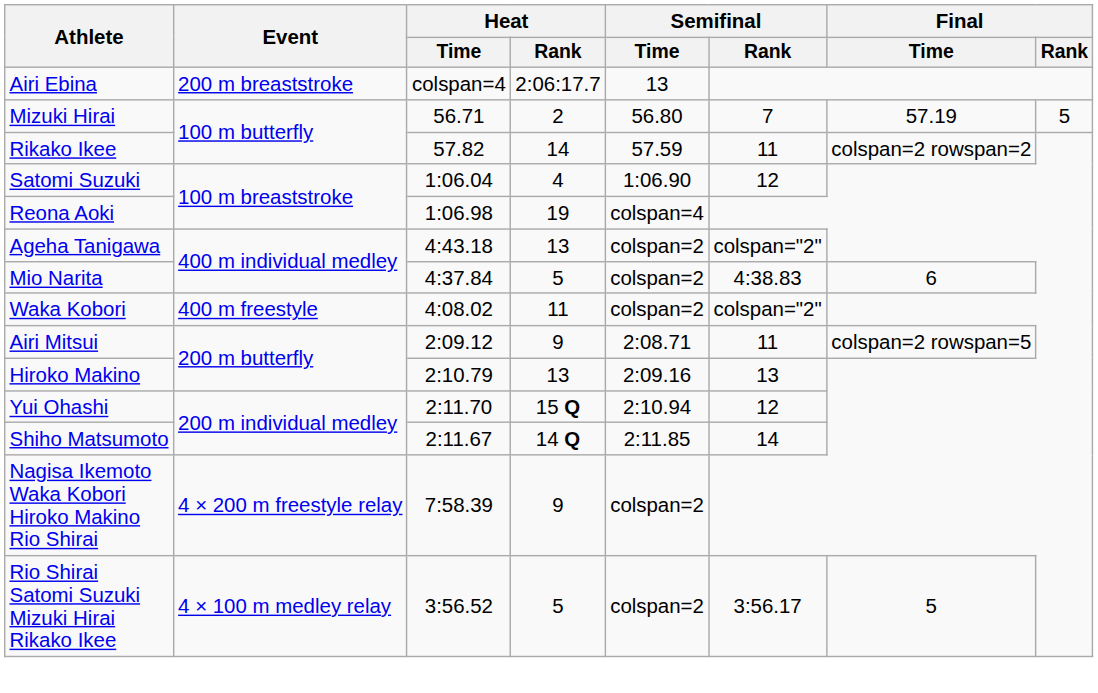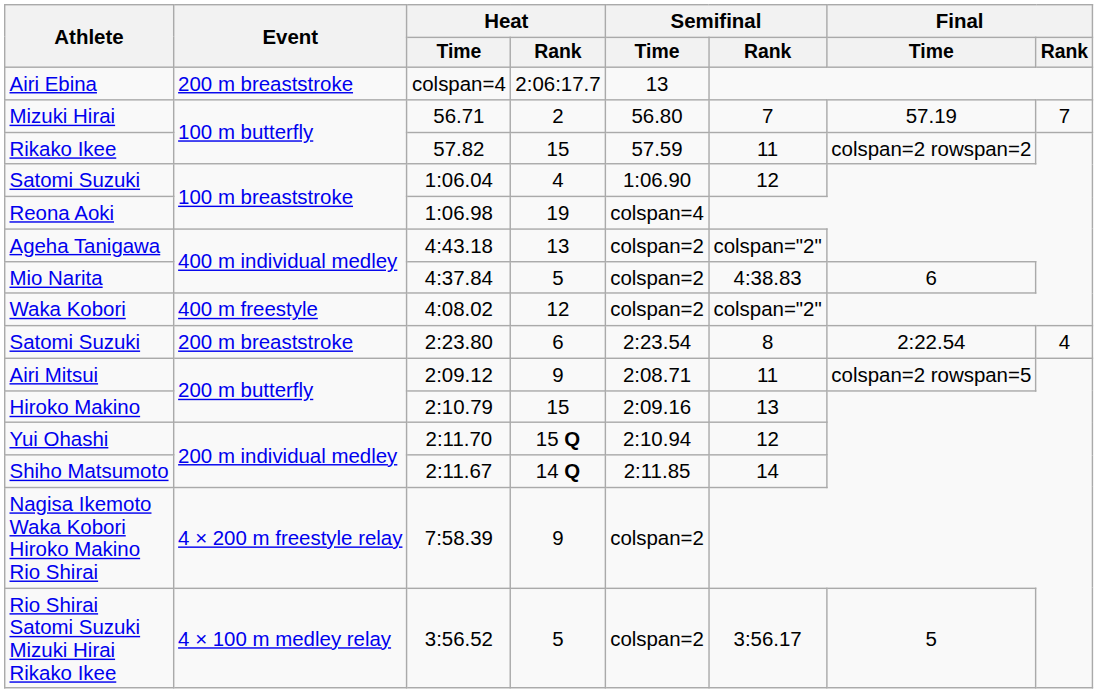 <table class=wikitable style="font-size:90%;">
 <tr>
 <th rowspan=2>Athlete</th>
 <th rowspan=2>Event</th>
 <th colspan=2>Heat</th>
 <th colspan=2>Semifinal</th>
 <th colspan=2>Final</th>
 </tr>
 <tr style="font-size:95%">
 <th>Time</th>
 <th>Rank</th>
 <th>Time</th>
 <th>Rank</th>
 <th>Time</th>
 <th>Rank</th>
 </tr>
 <tr align=center>
 <td align=left><a href='#'>Airi Ebina</a></td>
 <td align="left"><a href='#'>200 m breaststroke</a></td>
 <td>colspan=4 </td>
 <td>2:06:17.7</td>
 <td>13</td>
 </tr>
 <tr align=center>
 <td align=left><a href='#'>Mizuki Hirai</a></td>
 <td align=left rowspan=2><a href='#'>100 m butterfly</a></td>
 <td>56.71</td>
 <td>2</td>
 <td>56.80</td>
 <td>7</td>
 <td>57.19</td>
-<td>5</td>
+<td>7</td>
 </tr>
 <tr align=center>
 <td align=left><a href='#'>Rikako Ikee</a></td>
 <td>57.82</td>
-<td>14</td>
+<td>15</td>
 <td>57.59</td>
 <td>11</td>
 <td>colspan=2 rowspan=2 </td>
 </tr>
 <tr align=center>
 <td align=left><a href='#'>Satomi Suzuki</a></td>
 <td rowspan="2" align="left"><a href='#'>100 m breaststroke</a></td>
 <td>1:06.04</td>
 <td>4</td>
 <td>1:06.90</td>
 <td>12</td>
 </tr>
 <tr align=center>
 <td align="left"><a href='#'>Reona Aoki</a></td>
 <td>1:06.98</td>
 <td>19</td>
 <td>colspan=4 </td>
 </tr>
 <tr align="center">
 <td align="left"><a href='#'>Ageha Tanigawa</a></td>
 <td rowspan="2" align="left"><a href='#'>400 m individual medley</a></td>
 <td>4:43.18</td>
 <td>13</td>
 <td>colspan=2 </td>
 <td>colspan="2" </td>
 </tr>
 <tr align="center">
 <td align="left"><a href='#'>Mio Narita</a></td>
 <td>4:37.84</td>
 <td>5</td>
 <td>colspan=2 </td>
 <td>4:38.83</td>
 <td>6</td>
 </tr>
 <tr align="center">
 <td align="left"><a href='#'>Waka Kobori</a></td>
 <td align="left"><a href='#'>400 m freestyle</a></td>
 <td>4:08.02</td>
-<td>11</td>
+<td>12</td>
 <td>colspan=2 </td>
 <td>colspan="2" </td>
+</tr>
+<tr align="center">
+<td align="left"><a href='#'>Satomi Suzuki</a></td>
+<td align="left"><a href='#'>200 m breaststroke</a></td>
+<td>2:23.80</td>
+<td>6</td>
+<td>2:23.54</td>
+<td>8</td>
+<td>2:22.54</td>
+<td>4</td>
 </tr>
 <tr align=center>
 <td align=left><a href='#'>Airi Mitsui</a></td>
 <td align=left rowspan=2><a href='#'>200 m butterfly</a></td>
 <td>2:09.12</td>
 <td>9</td>
 <td>2:08.71</td>
 <td>11</td>
 <td>colspan=2 rowspan=5 </td>
 </tr>
 <tr align=center>
 <td align=left><a href='#'>Hiroko Makino</a></td>
 <td>2:10.79</td>
-<td>13</td>
+<td>15</td>
 <td>2:09.16</td>
 <td>13</td>
 </tr>
 <tr align=center>
 <td align=left><a href='#'>Yui Ohashi</a></td>
 <td align=left rowspan=2><a href='#'>200 m individual medley</a></td>
 <td>2:11.70</td>
 <td>15 <strong>Q</strong></td>
 <td>2:10.94</td>
 <td>12</td>
 </tr>
 <tr align=center>
 <td align=left><a href='#'>Shiho Matsumoto</a></td>
 <td>2:11.67</td>
 <td>14 <strong>Q</strong></td>
 <td>2:11.85</td>
 <td>14</td>
 </tr>
 <tr align=center>
 <td align=left><a href='#'>Nagisa Ikemoto</a><br><a href='#'>Waka Kobori</a><br><a href='#'>Hiroko Makino</a><br><a href='#'>Rio Shirai</a></td>
 <td align=left><a href='#'>4 × 200 m freestyle relay</a></td>
 <td>7:58.39</td>
 <td>9</td>
 <td>colspan=2 </td>
 </tr>
 <tr align=center>
 <td align=left><a href='#'>Rio Shirai</a><br><a href='#'>Satomi Suzuki</a><br><a href='#'>Mizuki Hirai</a><br><a href='#'>Rikako Ikee</a></td>
 <td align=left><a href='#'>4 × 100 m medley relay</a></td>
 <td>3:56.52</td>
 <td>5</td>
 <td>colspan=2 </td>
 <td>3:56.17</td>
 <td>5</td>
 </tr>
 </table>
